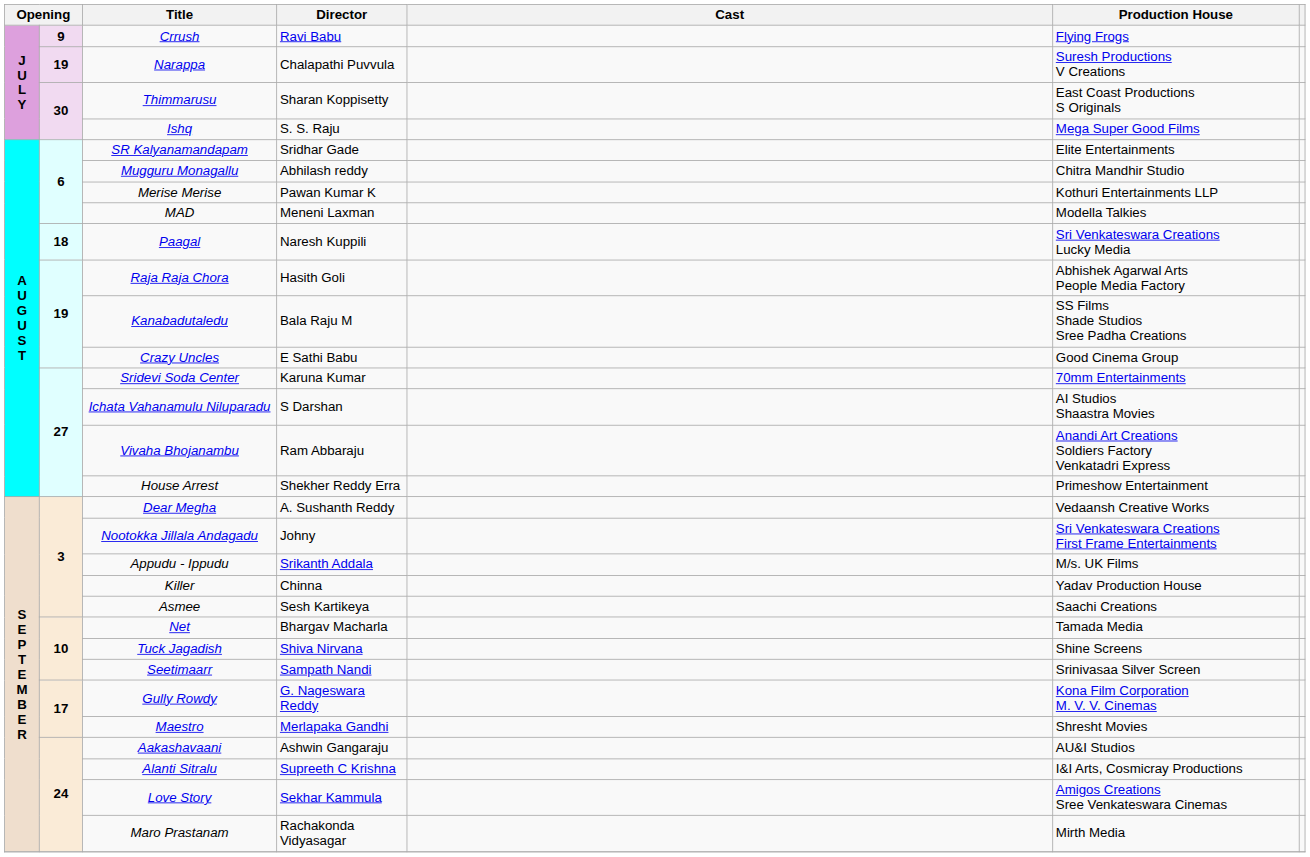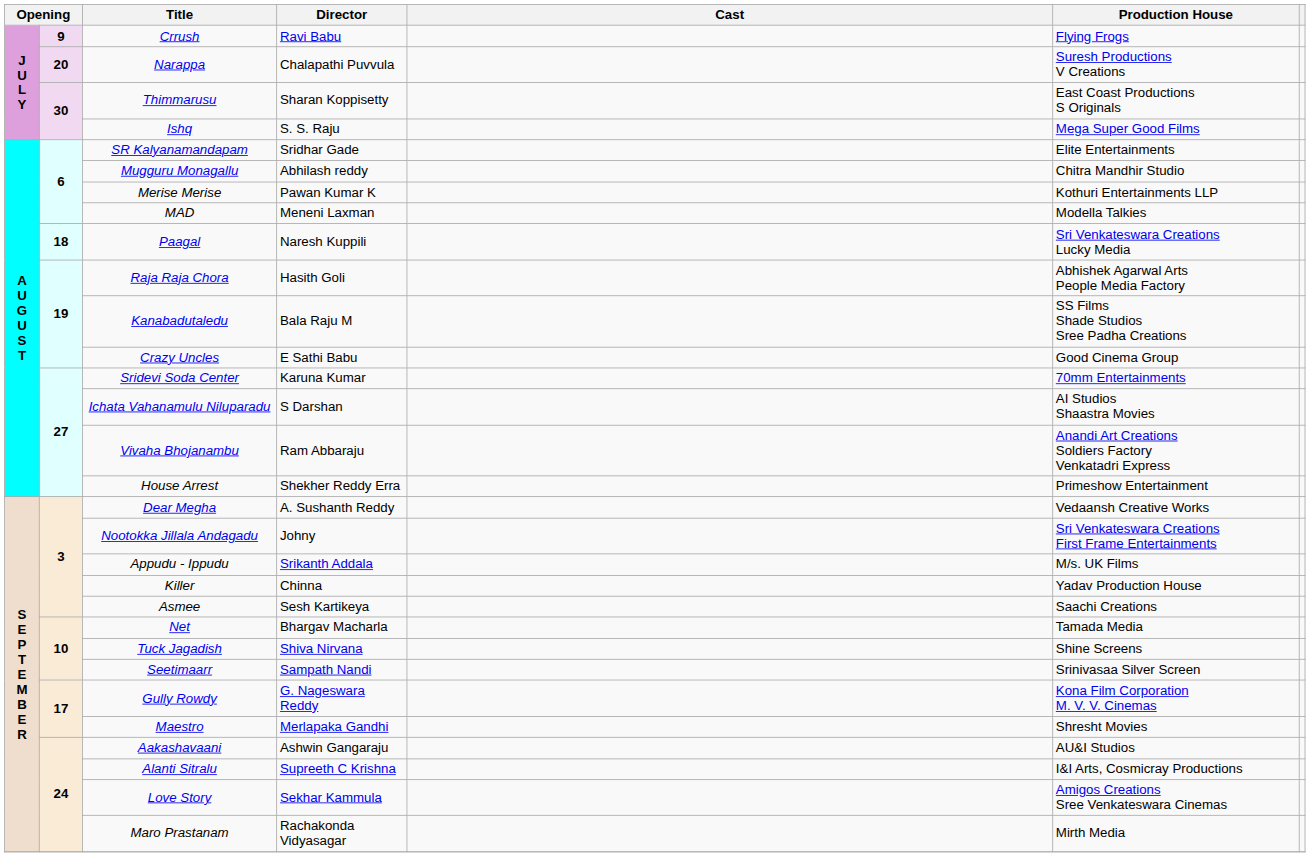 <table class="wikitable sortable">
 <tr style="background:#blue; text-align:center;">
 <th colspan="2" style="width:6%;">Opening</th>
 <th style="width:15%;">Title</th>
 <th style="width:10%;">Director</th>
 <th style="width:50%;">Cast</th>
 <th style="width:25%;">Production House</th>
 <th style="width:1%;"></th>
 </tr>
 <tr July!>
 <td rowspan="4" style="text-align:center; background:plum; textcolor:#000;"><strong>J<br>U<br>L<br>Y</strong></td>
 <td style="text-align:center; background:#f1daf1;"><strong>9</strong></td>
 <td style="text-align:center;"><em><a href='#'>Crrush</a></em></td>
 <td><a href='#'>Ravi Babu</a></td>
 <td></td>
 <td><a href='#'>Flying Frogs</a></td>
 <td></td>
 </tr>
 <tr>
-<td style="text-align:center; background:#f1daf1;"><strong>19</strong></td>
+<td style="text-align:center; background:#f1daf1;"><strong>20</strong></td>
 <td style="text-align:center;"><em><a href='#'>Narappa</a></em></td>
 <td>Chalapathi Puvvula</td>
 <td></td>
 <td><a href='#'>Suresh Productions</a> <br> V Creations</td>
 <td></td>
 </tr>
 <tr>
 <td rowspan="2" style="text-align:center; background:#f1daf1;"><strong>30</strong></td>
 <td style="text-align:center;"><em><a href='#'>Thimmarusu</a></em></td>
 <td>Sharan Koppisetty</td>
 <td></td>
 <td>East Coast Productions<br>S Originals</td>
 <td></td>
 </tr>
 <tr>
 <td style="text-align:center;"><a href='#'><em>Ishq</em></a></td>
 <td>S. S. Raju</td>
 <td></td>
 <td><a href='#'>Mega Super Good Films</a></td>
 <td></td>
 </tr>
 <tr August!>
 <td rowspan="12" style="text-align:center; background:#0ff;"><strong>A<br>U<br>G<br>U<br>S<br>T</strong></td>
 <td rowspan="4" style="text-align:center; background:#e0ffff;"><strong>6</strong></td>
 <td style="text-align:center;"><em><a href='#'>SR Kalyanamandapam</a></em></td>
 <td>Sridhar Gade</td>
 <td></td>
 <td>Elite Entertainments</td>
 <td></td>
 </tr>
 <tr>
 <td style="text-align:center;"><a href='#'><em>Mugguru Monagallu</em></a></td>
 <td>Abhilash reddy</td>
 <td></td>
 <td>Chitra Mandhir Studio</td>
 <td></td>
 </tr>
 <tr>
 <td style="text-align:center;"><em>Merise Merise</em></td>
 <td>Pawan Kumar K</td>
 <td></td>
 <td>Kothuri Entertainments LLP</td>
 <td></td>
 </tr>
 <tr>
 <td style="text-align:center;"><em>MAD</em></td>
 <td>Meneni Laxman</td>
 <td></td>
 <td>Modella Talkies</td>
 <td></td>
 </tr>
 <tr>
 <td style="text-align:center; background:#e0ffff;"><strong>18</strong></td>
 <td style="text-align:center;"><em><a href='#'>Paagal</a></em></td>
 <td>Naresh Kuppili</td>
 <td></td>
 <td><a href='#'>Sri Venkateswara Creations</a><br>Lucky Media</td>
 <td></td>
 </tr>
 <tr>
 <td rowspan="3" style="text-align:center; background:#e0ffff;"><strong>19</strong></td>
 <td style="text-align:center;"><em><a href='#'>Raja Raja Chora</a></em></td>
 <td>Hasith Goli</td>
 <td></td>
 <td>Abhishek Agarwal Arts<br>People Media Factory</td>
 <td></td>
 </tr>
 <tr>
 <td style="text-align:center;"><em><a href='#'>Kanabadutaledu</a></em></td>
 <td>Bala Raju M</td>
 <td></td>
 <td>SS Films<br>Shade Studios<br>Sree Padha Creations</td>
 <td></td>
 </tr>
 <tr>
 <td style="text-align:center;"><em><a href='#'>Crazy Uncles</a></em></td>
 <td>E Sathi Babu</td>
 <td></td>
 <td>Good Cinema Group</td>
 <td></td>
 </tr>
 <tr>
 <td rowspan="4" style="text-align:center; background:#e0ffff;"><strong>27</strong></td>
 <td style="text-align:center;"><em><a href='#'>Sridevi Soda Center</a></em></td>
 <td>Karuna Kumar</td>
 <td></td>
 <td><a href='#'>70mm Entertainments</a></td>
 <td></td>
 </tr>
 <tr>
 <td style="text-align:center;"><em><a href='#'>Ichata Vahanamulu Niluparadu</a></em></td>
 <td>S Darshan</td>
 <td></td>
 <td>AI Studios<br>Shaastra Movies</td>
 <td></td>
 </tr>
 <tr>
 <td style="text-align:center;"><a href='#'><em>Vivaha Bhojanambu</em></a></td>
 <td>Ram Abbaraju</td>
 <td></td>
 <td><a href='#'>Anandi Art Creations</a><br>Soldiers Factory<br>Venkatadri Express</td>
 <td></td>
 </tr>
 <tr>
 <td style="text-align:center;"><em>House Arrest</em></td>
 <td>Shekher Reddy Erra</td>
 <td></td>
 <td>Primeshow Entertainment</td>
 <td></td>
 </tr>
 <tr September!>
 <td rowspan="14" style="text-align:center; background:#EFDECD;"><strong>S<br>E<br>P<br>T<br>E<br>M<br>B<br>E<br>R</strong></td>
 <td rowspan="5" style="text-align:center; background:	#FAEBD7;"><strong>3</strong></td>
 <td style="text-align:center;"><em><a href='#'>Dear Megha</a></em></td>
 <td>A. Sushanth Reddy</td>
 <td></td>
 <td>Vedaansh Creative Works</td>
 <td></td>
 </tr>
 <tr>
 <td style="text-align:center;"><em><a href='#'>Nootokka Jillala Andagadu</a></em></td>
 <td>Johny</td>
 <td></td>
 <td><a href='#'>Sri Venkateswara Creations</a><br><a href='#'>First Frame Entertainments</a></td>
 <td></td>
 </tr>
 <tr>
 <td style="text-align:center;"><em>Appudu - Ippudu</em></td>
 <td><a href='#'>Srikanth Addala</a></td>
 <td></td>
 <td>M/s. UK Films</td>
 <td></td>
 </tr>
 <tr>
 <td style="text-align:center;"><em>Killer</em></td>
 <td>Chinna</td>
 <td></td>
 <td>Yadav Production House</td>
 <td></td>
 </tr>
 <tr>
 <td style="text-align:center;"><em>Asmee</em></td>
 <td>Sesh Kartikeya</td>
 <td></td>
 <td>Saachi Creations</td>
 <td></td>
 </tr>
 <tr>
 <td rowspan="3" style="text-align:center; background:	#FAEBD7;"><strong>10</strong></td>
 <td style="text-align:center;"><a href='#'><em>Net</em></a></td>
 <td>Bhargav Macharla</td>
 <td></td>
 <td>Tamada Media</td>
 <td></td>
 </tr>
 <tr>
 <td style="text-align:center;"><em><a href='#'>Tuck Jagadish</a></em></td>
 <td><a href='#'>Shiva Nirvana</a></td>
 <td></td>
 <td>Shine Screens</td>
 <td></td>
 </tr>
 <tr>
 <td style="text-align:center;"><em><a href='#'>Seetimaarr</a></em></td>
 <td><a href='#'>Sampath Nandi</a></td>
 <td></td>
 <td>Srinivasaa Silver Screen</td>
 <td></td>
 </tr>
 <tr>
 <td rowspan="2"  style="text-align:center; background:#FAEBD7;"><strong>17</strong></td>
 <td style="text-align:center;"><em><a href='#'>Gully Rowdy</a></em></td>
 <td><a href='#'>G. Nageswara Reddy</a></td>
 <td></td>
 <td><a href='#'>Kona Film Corporation</a><br><a href='#'>M. V. V. Cinemas</a></td>
 <td></td>
 </tr>
 <tr>
 <td style="text-align:center;"><em><a href='#'>Maestro</a></em></td>
 <td><a href='#'>Merlapaka Gandhi</a></td>
 <td></td>
 <td>Shresht Movies</td>
 <td></td>
 </tr>
 <tr>
 <td rowspan="4" style="text-align:center; background:	#FAEBD7;"><strong>24</strong></td>
 <td style="text-align:center;"><em><a href='#'>Aakashavaani</a></em></td>
 <td>Ashwin Gangaraju</td>
 <td></td>
 <td>AU&I Studios</td>
 <td></td>
 </tr>
 <tr>
 <td style="text-align:center;"><em><a href='#'>Alanti Sitralu</a></em></td>
 <td><a href='#'>Supreeth C Krishna</a></td>
 <td></td>
 <td>I&I Arts, Cosmicray Productions</td>
 <td></td>
 </tr>
 <tr>
 <td style="text-align:center;"><a href='#'><em>Love Story</em></a></td>
 <td><a href='#'>Sekhar Kammula</a></td>
 <td></td>
 <td><a href='#'>Amigos Creations</a><br>Sree Venkateswara Cinemas</td>
 <td></td>
 </tr>
 <tr>
 <td style="text-align:center;"><em>Maro Prastanam</em></td>
 <td>Rachakonda Vidyasagar</td>
 <td></td>
 <td>Mirth Media</td>
 <td></td>
 </tr>
 <tr>
 </tr>
 </table>
